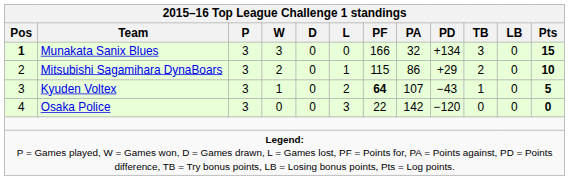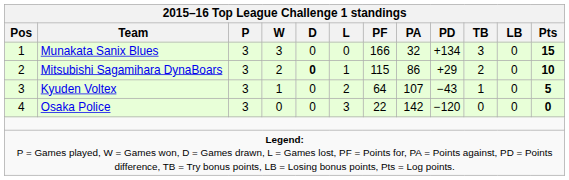 <table class="wikitable" style="text-align:center; font-size:100%; width:60%;">
 <tr>
 <th colspan="100%" cellpadding="0" cellspacing="0"><strong>2015–16 Top League Challenge 1 standings</strong></th>
 </tr>
 <tr>
 <th style="width:6%;">Pos</th>
 <th style="width:34%;">Team</th>
 <th style="width:6%;">P</th>
 <th style="width:6%;">W</th>
 <th style="width:6%;">D</th>
 <th style="width:6%;">L</th>
 <th style="width:6%;">PF</th>
 <th style="width:6%;">PA</th>
 <th style="width:6%;">PD</th>
 <th style="width:6%;">TB</th>
 <th style="width:6%;">LB</th>
 <th style="width:6%;">Pts<br></th>
 </tr>
 <tr style="background:#E8FFD8;">
-<td><strong>1</strong></td>
+<td>1</td>
 <td style="text-align:left;"><a href='#'>Munakata Sanix Blues</a></td>
 <td>3</td>
 <td>3</td>
 <td>0</td>
 <td>0</td>
 <td>166</td>
 <td>32</td>
 <td>+134</td>
 <td>3</td>
 <td>0</td>
 <td><strong>15</strong></td>
 </tr>
 <tr style="background:#E8FFD8;">
 <td>2</td>
 <td style="text-align:left;"><a href='#'>Mitsubishi Sagamihara DynaBoars</a></td>
 <td>3</td>
 <td>2</td>
-<td>0</td>
+<td><strong>0</strong></td>
 <td>1</td>
 <td>115</td>
 <td>86</td>
 <td>+29</td>
 <td>2</td>
 <td>0</td>
 <td><strong>10</strong></td>
 </tr>
 <tr style="background:#E8FFD8;">
 <td>3</td>
 <td style="text-align:left;"><a href='#'>Kyuden Voltex</a></td>
 <td>3</td>
 <td>1</td>
 <td>0</td>
 <td>2</td>
-<td><strong>64</strong></td>
+<td>64</td>
 <td>107</td>
 <td>−43</td>
 <td>1</td>
 <td>0</td>
 <td><strong>5</strong></td>
 </tr>
 <tr style="background:#E8FFD8;">
 <td>4</td>
 <td style="text-align:left;"><a href='#'>Osaka Police</a></td>
 <td>3</td>
 <td>0</td>
 <td>0</td>
 <td>3</td>
 <td>22</td>
 <td>142</td>
 <td>−120</td>
 <td>0</td>
 <td>0</td>
 <td><strong>0</strong></td>
 </tr>
 <tr>
 <td colspan="100%" style="height:10px;"></td>
 </tr>
 <tr>
 <td colspan="100%"><small><strong>Legend:</strong> <br> P = Games played, W = Games won, D = Games drawn, L = Games lost, PF = Points for, PA = Points against, PD = Points difference, TB = Try bonus points, LB = Losing bonus points, Pts = Log points.</small></td>
 </tr>
 </table>
